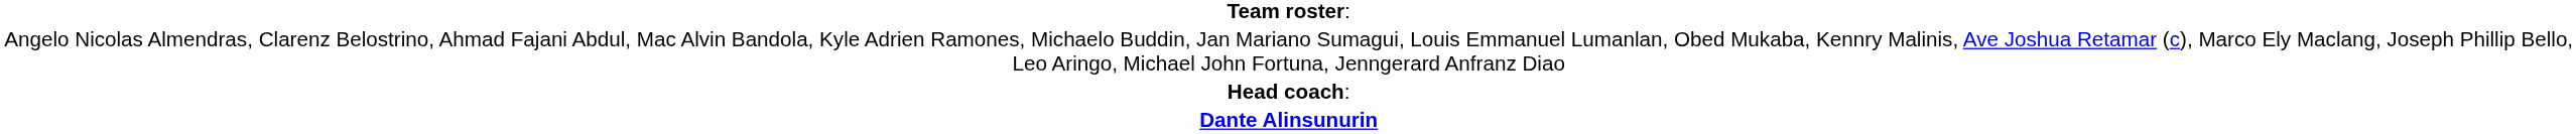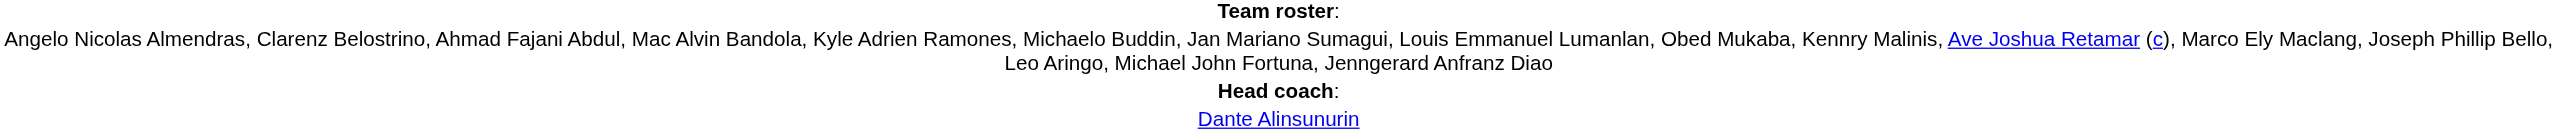 <table style="text-align:center; margin-top:2em; margin-left:auto; margin-right:auto">
 <tr>
 <td><strong>Team roster</strong>:</td>
 </tr>
 <tr>
 <td>Angelo Nicolas Almendras, Clarenz Belostrino, Ahmad Fajani Abdul, Mac Alvin Bandola, Kyle Adrien Ramones, Michaelo Buddin, Jan Mariano Sumagui, Louis Emmanuel Lumanlan, Obed Mukaba, Kennry Malinis, <a href='#'>Ave Joshua Retamar</a> (<a href='#'>c</a>), Marco Ely Maclang, Joseph Phillip Bello, Leo Aringo, Michael John Fortuna, Jenngerard Anfranz Diao</td>
 </tr>
 <tr>
 <td><strong>Head coach</strong>:</td>
 </tr>
 <tr>
-<td><strong><a href='#'>Dante Alinsunurin</a></strong></td>
+<td><a href='#'>Dante Alinsunurin</a></td>
 </tr>
 </table>
